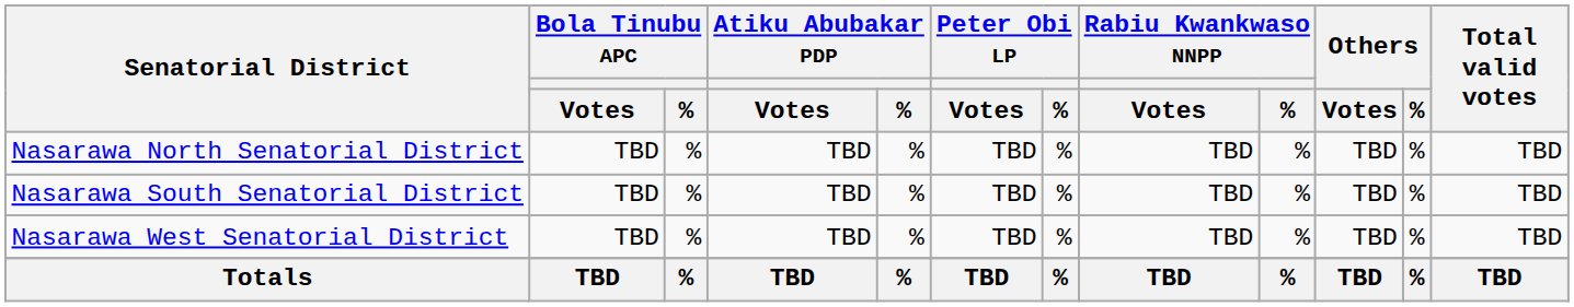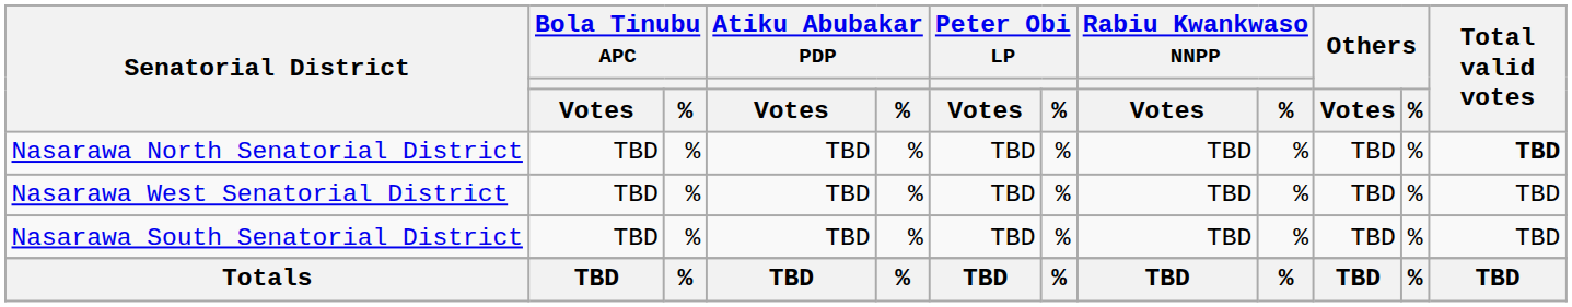 <table class="wikitable sortable" style="text-align:right; font-size:90%">
 <tr>
 <th rowspan="3" style="max-width:7.5em;">Senatorial District</th>
 <th colspan="2"><a href='#'>Bola Tinubu</a><br><small>APC</small></th>
 <th colspan="2"><a href='#'>Atiku Abubakar</a><br><small>PDP</small></th>
 <th colspan="2"><a href='#'>Peter Obi</a><br><small>LP</small></th>
 <th colspan="2"><a href='#'>Rabiu Kwankwaso</a><br><small>NNPP</small></th>
 <th colspan="2" rowspan="2">Others</th>
 <th rowspan="3" style="max-width:5em;">Total valid votes</th>
 </tr>
 <tr>
 <th colspan=2 style="background-color:"></th>
 <th colspan=2 style="background-color:"></th>
 <th colspan=2 style="background-color:"></th>
 <th colspan=2 style="background-color:"></th>
 </tr>
 <tr>
 <th>Votes</th>
 <th>%</th>
 <th>Votes</th>
 <th>%</th>
 <th>Votes</th>
 <th>%</th>
 <th>Votes</th>
 <th>%</th>
 <th>Votes</th>
 <th>%</th>
 </tr>
 <tr style="background-color:#">
 <td style="text-align:left;"><a href='#'>Nasarawa North Senatorial District</a></td>
 <td>TBD</td>
 <td>%</td>
 <td>TBD</td>
 <td>%</td>
 <td>TBD</td>
 <td>%</td>
 <td>TBD</td>
 <td>%</td>
 <td>TBD</td>
 <td>%</td>
-<td>TBD</td>
+<td><strong>TBD</strong></td>
 </tr>
 <tr style="background-color:#">
-<td style="text-align:left;"><a href='#'>Nasarawa South Senatorial District</a></td>
+<td style="text-align:left;"><a href='#'>Nasarawa West Senatorial District</a></td>
 <td>TBD</td>
 <td>%</td>
 <td>TBD</td>
 <td>%</td>
 <td>TBD</td>
 <td>%</td>
 <td>TBD</td>
 <td>%</td>
 <td>TBD</td>
 <td>%</td>
 <td>TBD</td>
 </tr>
 <tr style="background-color:#">
-<td style="text-align:left;"><a href='#'>Nasarawa West Senatorial District</a></td>
+<td style="text-align:left;"><a href='#'>Nasarawa South Senatorial District</a></td>
 <td>TBD</td>
 <td>%</td>
 <td>TBD</td>
 <td>%</td>
 <td>TBD</td>
 <td>%</td>
 <td>TBD</td>
 <td>%</td>
 <td>TBD</td>
 <td>%</td>
 <td>TBD</td>
 </tr>
 <tr>
 </tr>
 <tr>
 <th>Totals</th>
 <th>TBD</th>
 <th>%</th>
 <th>TBD</th>
 <th>%</th>
 <th>TBD</th>
 <th>%</th>
 <th>TBD</th>
 <th>%</th>
 <th>TBD</th>
 <th>%</th>
 <th>TBD</th>
 </tr>
 </table>
